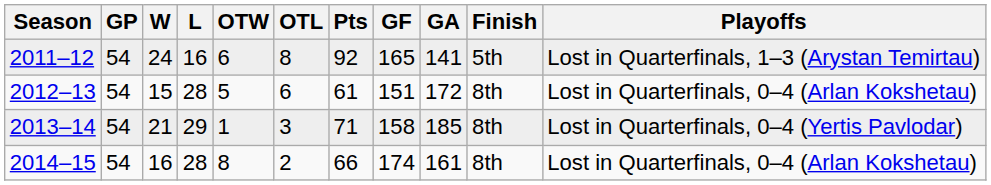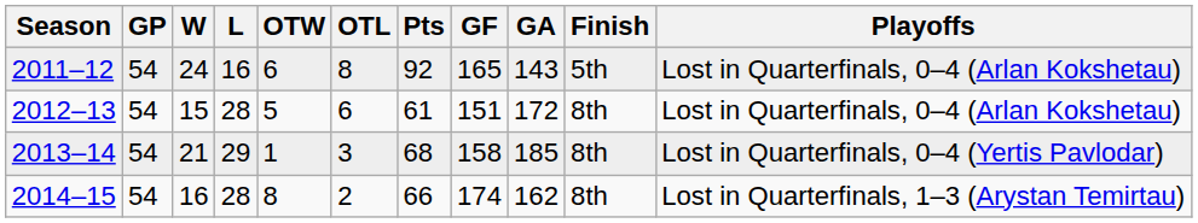 <table class="wikitable">
 <tr>
 <th>Season</th>
 <th>GP</th>
 <th>W</th>
 <th>L</th>
 <th>OTW</th>
 <th>OTL</th>
 <th>Pts</th>
 <th>GF</th>
 <th>GA</th>
 <th>Finish</th>
 <th>Playoffs</th>
 </tr>
 <tr style="background:#eee;">
 <td><a href='#'>2011–12</a></td>
 <td>54</td>
 <td>24</td>
 <td>16</td>
 <td>6</td>
 <td>8</td>
 <td>92</td>
 <td>165</td>
-<td>141</td>
+<td>143</td>
 <td>5th</td>
-<td>Lost in Quarterfinals, 1–3 (<a href='#'>Arystan Temirtau</a>)</td>
+<td>Lost in Quarterfinals, 0–4 (<a href='#'>Arlan Kokshetau</a>)</td>
 </tr>
 <tr>
 <td><a href='#'>2012–13</a></td>
 <td>54</td>
 <td>15</td>
 <td>28</td>
 <td>5</td>
 <td>6</td>
 <td>61</td>
 <td>151</td>
 <td>172</td>
 <td>8th</td>
 <td>Lost in Quarterfinals, 0–4 (<a href='#'>Arlan Kokshetau</a>)</td>
 </tr>
 <tr style="background:#eee;">
 <td><a href='#'>2013–14</a></td>
 <td>54</td>
 <td>21</td>
 <td>29</td>
 <td>1</td>
 <td>3</td>
-<td>71</td>
+<td>68</td>
 <td>158</td>
 <td>185</td>
 <td>8th</td>
 <td>Lost in Quarterfinals, 0–4 (<a href='#'>Yertis Pavlodar</a>)</td>
 </tr>
 <tr>
 <td><a href='#'>2014–15</a></td>
 <td>54</td>
 <td>16</td>
 <td>28</td>
 <td>8</td>
 <td>2</td>
 <td>66</td>
 <td>174</td>
-<td>161</td>
+<td>162</td>
 <td>8th</td>
-<td>Lost in Quarterfinals, 0–4 (<a href='#'>Arlan Kokshetau</a>)</td>
+<td>Lost in Quarterfinals, 1–3 (<a href='#'>Arystan Temirtau</a>)</td>
 </tr>
 </table>
